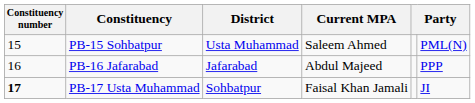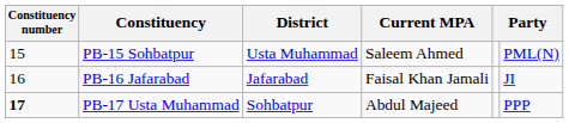 <table class="wikitable">
 <tr>
 <th width="50px" style="font-size:75%">Constituency number</th>
 <th>Constituency</th>
 <th>District</th>
 <th>Current MPA</th>
 <th colspan="2">Party</th>
 </tr>
 <tr>
 <td>15</td>
 <td><a href='#'>PB-15 Sohbatpur</a></td>
 <td><a href='#'>Usta Muhammad</a></td>
 <td>Saleem Ahmed</td>
 <td></td>
 <td><a href='#'>PML(N)</a></td>
 </tr>
 <tr>
 <td>16</td>
 <td><a href='#'>PB-16 Jafarabad</a></td>
 <td><a href='#'>Jafarabad</a></td>
-<td>Abdul Majeed</td>
+<td>Faisal Khan Jamali</td>
 <td></td>
-<td><a href='#'>PPP</a></td>
+<td><a href='#'>JI</a></td>
 </tr>
 <tr>
 <td><strong>17</strong></td>
 <td><a href='#'>PB-17 Usta Muhammad</a></td>
 <td><a href='#'>Sohbatpur</a></td>
-<td>Faisal Khan Jamali</td>
+<td>Abdul Majeed</td>
 <td></td>
-<td><a href='#'>JI</a></td>
+<td><a href='#'>PPP</a></td>
 </tr>
 </table>
